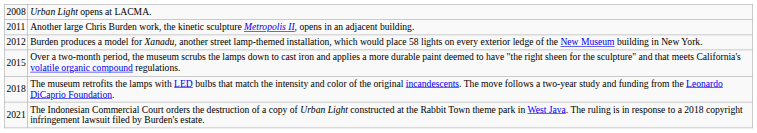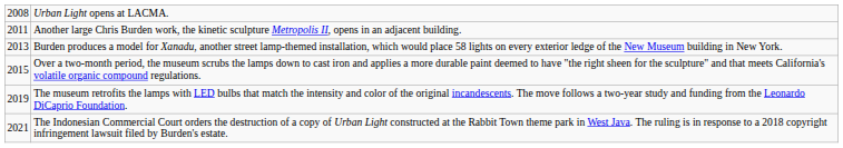 <table class="wikitable">
 <tr>
 <td>2008</td>
 <td><em>Urban Light</em> opens at LACMA.</td>
 </tr>
 <tr>
 <td>2011</td>
 <td>Another large Chris Burden work, the kinetic sculpture <em><a href='#'>Metropolis II</a></em>, opens in an adjacent building.</td>
 </tr>
 <tr>
-<td>2012</td>
+<td>2013</td>
 <td>Burden produces a model for <em>Xanadu</em>, another street lamp-themed installation, which would place 58 lights on every exterior ledge of the <a href='#'>New Museum</a> building in New York.</td>
 </tr>
 <tr>
 <td>2015</td>
 <td>Over a two-month period, the museum scrubs the lamps down to cast iron and applies a more durable paint deemed to have "the right sheen for the sculpture" and that meets California's <a href='#'>volatile organic compound</a> regulations.</td>
 </tr>
 <tr>
-<td>2018</td>
+<td>2019</td>
 <td>The museum retrofits the lamps with <a href='#'>LED</a> bulbs that match the intensity and color of the original <a href='#'>incandescents</a>. The move follows a two-year study and funding from the <a href='#'>Leonardo DiCaprio Foundation</a>.</td>
 </tr>
 <tr>
 <td>2021</td>
 <td>The Indonesian Commercial Court orders the destruction of a copy of <em>Urban Light</em> constructed at the Rabbit Town theme park in <a href='#'>West Java</a>. The ruling is in response to a 2018 copyright infringement lawsuit filed by Burden's estate.</td>
 </tr>
 </table>
